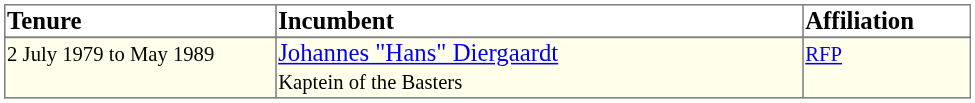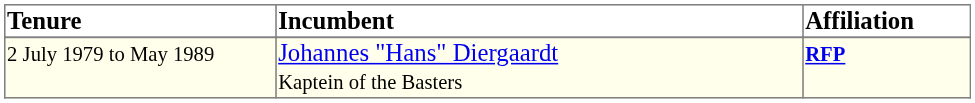 <table border=1 style="border-collapse: collapse">
 <tr align=left>
 <th width="18%">Tenure</th>
 <th width="35%">Incumbent</th>
 <th width="10%">Affiliation</th>
 </tr>
 <tr valign=top>
 </tr>
 <tr valign=top bgcolor="#ffffec">
 <td><small>2 July 1979 to May 1989</small></td>
 <td><a href='#'>Johannes "Hans" Diergaardt</a><br><small>Kaptein of the Basters</small></td>
-<td><small><a href='#'>RFP</a></small></td>
+<td><strong><small><a href='#'>RFP</a></small></strong></td>
 </tr>
 </table>
